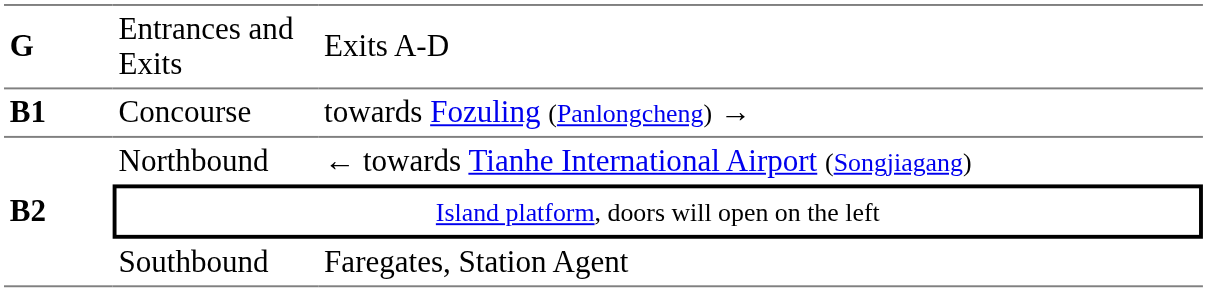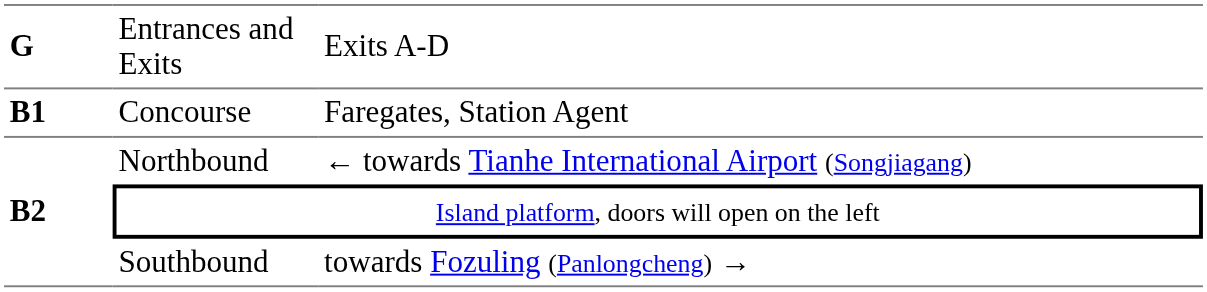 <table table border=0 cellspacing=0 cellpadding=3>
 <tr>
 <td style="border-top:solid 1px gray;border-bottom:solid 1px gray;" width=50><strong>G</strong></td>
 <td style="border-top:solid 1px gray;border-bottom:solid 1px gray;" width=100>Entrances and Exits</td>
 <td style="border-top:solid 1px gray;border-bottom:solid 1px gray;" width=450>Exits A-D</td>
 </tr>
 <tr>
 <td style="border-top:solid 0px gray;border-bottom:solid 1px gray;" width=50><strong>B1</strong></td>
 <td style="border-top:solid 0px gray;border-bottom:solid 1px gray;" width=100>Concourse</td>
-<td style="border-bottom:solid 1px gray;"> towards <a href='#'>Fozuling</a> <small>(<a href='#'>Panlongcheng</a>)</small> →</td>
+<td style="border-top:solid 0px gray;border-bottom:solid 1px gray;" width=450>Faregates, Station Agent</td>
 </tr>
 <tr>
 <td style="border-bottom:solid 1px gray;" rowspan=3><strong>B2</strong></td>
 <td>Northbound</td>
 <td>←  towards <a href='#'>Tianhe International Airport</a> <small>(<a href='#'>Songjiagang</a>)</small></td>
 </tr>
 <tr>
 <td style="border-right:solid 2px black;border-left:solid 2px black;border-top:solid 2px black;border-bottom:solid 2px black;text-align:center;" colspan=2><small><a href='#'>Island platform</a>, doors will open on the left</small></td>
 </tr>
 <tr>
 <td style="border-bottom:solid 1px gray;">Southbound</td>
-<td style="border-top:solid 0px gray;border-bottom:solid 1px gray;" width=450>Faregates, Station Agent</td>
+<td style="border-bottom:solid 1px gray;"> towards <a href='#'>Fozuling</a> <small>(<a href='#'>Panlongcheng</a>)</small> →</td>
 </tr>
 </table>
